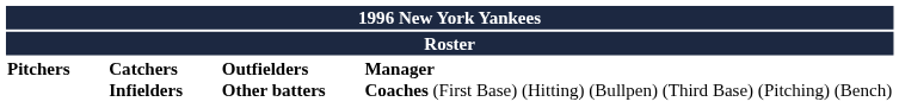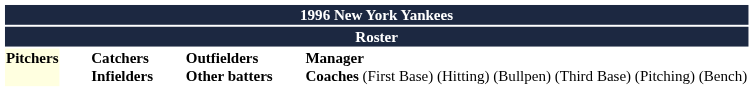 <table class="toccolours" style="font-size: 95%;">
 <tr>
 <th colspan="10" style="background:#1c2841; color:white; text-align:center;">1996 New York Yankees</th>
 </tr>
 <tr>
 <td colspan="10" style="background:#1c2841; color:white; text-align:center;"><strong>Roster</strong></td>
 </tr>
 <tr>
-<td valign="top"><strong>Pitchers</strong><br>                      </td>
+<td valign="top" style="background: lightyellow;"><strong>Pitchers</strong><br>                      </td>
 <td style="width:25px;"></td>
 <td valign="top"><strong>Catchers</strong><br>    <strong>Infielders</strong>           </td>
 <td style="width:25px;"></td>
 <td valign="top"><strong>Outfielders</strong><br>        <strong>Other batters</strong> </td>
 <td style="width:25px;"></td>
 <td valign="top"><strong>Manager</strong><br> <strong>Coaches</strong>  (First Base)  (Hitting)  (Bullpen)  (Third Base)  (Pitching)  (Bench)</td>
 </tr>
 </table>
